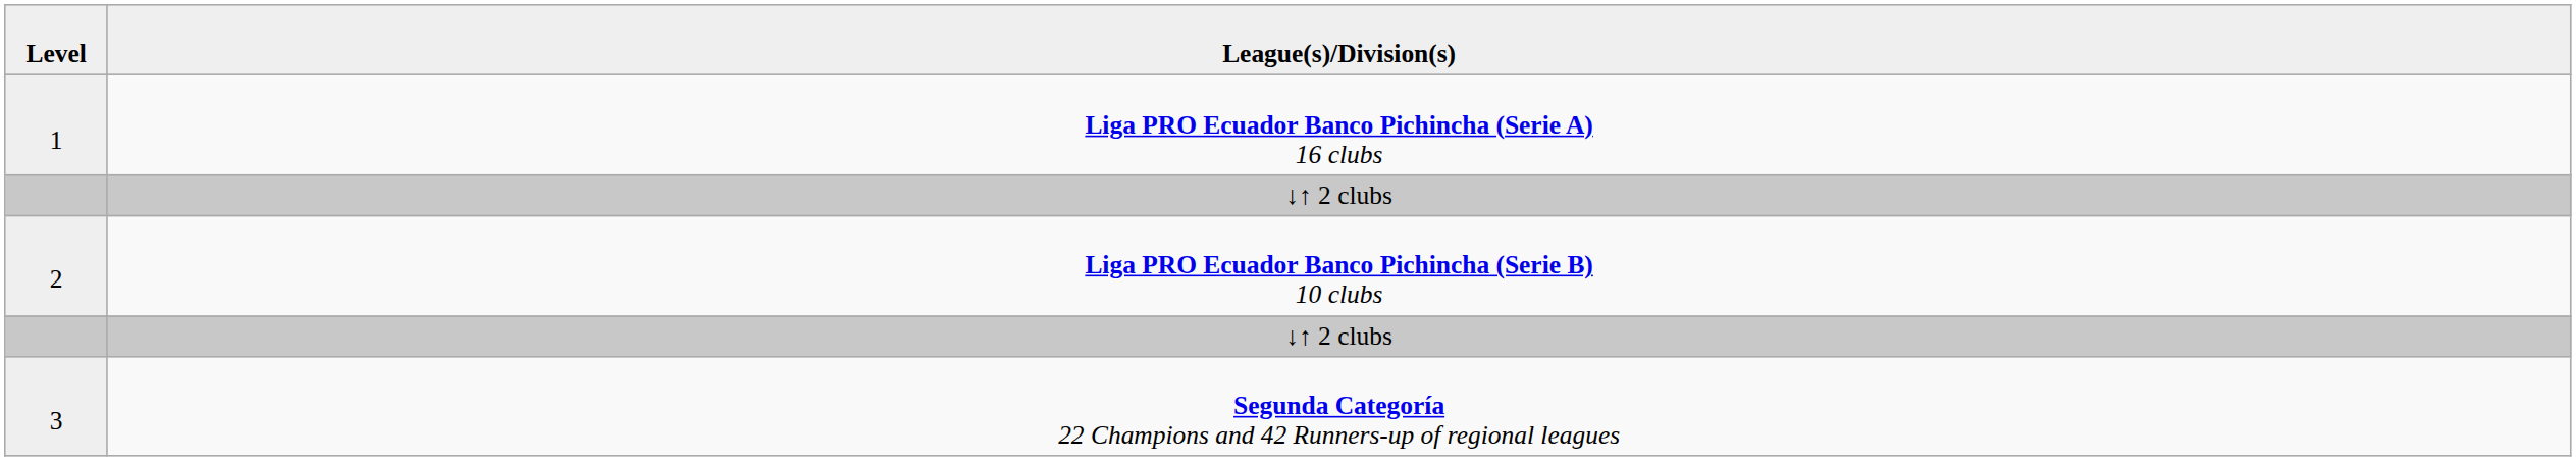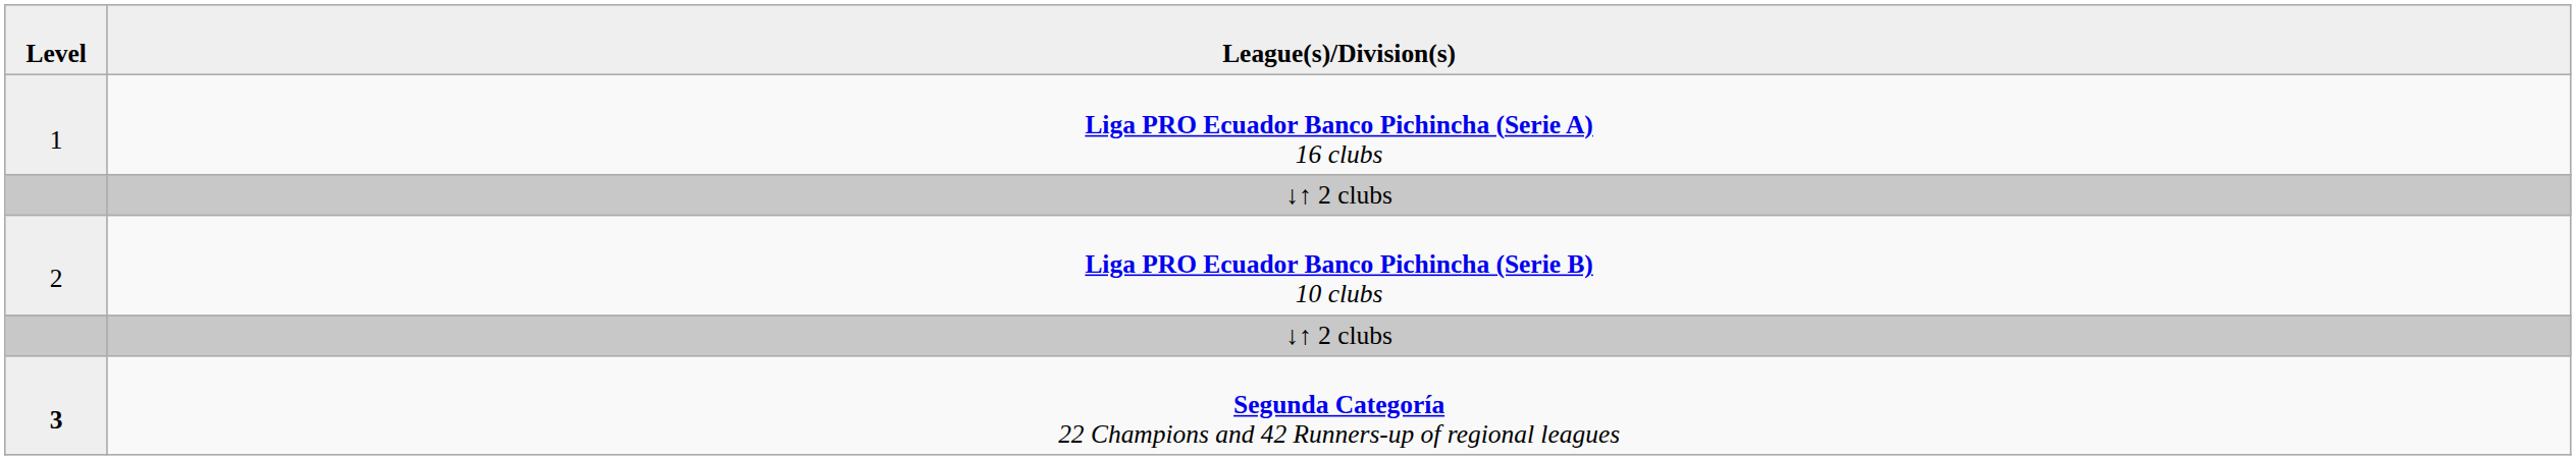 <table class="wikitable" style="text-align:center; width:100%;">
 <tr style="background:#efefef;">
 <td style="width:4%; text-align:center;"><br><strong>Level</strong></td>
 <td colspan="12"  style="width:96%; text-align:center;"><br><strong>League(s)/Division(s)</strong></td>
 </tr>
 <tr>
 <td style="text-align:center; width:4%; background:#efefef;"><br>1</td>
 <td colspan="12"  style="width:96%; text-align:center;"><br><a href='#'><strong>Liga PRO Ecuador Banco Pichincha (Serie A)</strong></a><br> <em>16 clubs</em></td>
 </tr>
 <tr style="background:#c8c8c8">
 <td style="width:4%;"></td>
 <td colspan="9" style="width:96%;">↓↑ 2 clubs</td>
 </tr>
 <tr>
 <td style="text-align:center; width:4%; background:#efefef;"><br>2</td>
 <td colspan="12"  style="width:96%; text-align:center;"><br><strong><a href='#'>Liga PRO Ecuador Banco Pichincha (Serie B)</a></strong><br> <em>10 clubs</em></td>
 </tr>
 <tr style="background:#c8c8c8">
 <td style="width:4%;"></td>
 <td colspan="9" style="width:96%;">↓↑ 2 clubs</td>
 </tr>
 <tr>
-<td style="text-align:center; width:4%; background:#efefef;"><br>3</td>
+<td style="text-align:center; width:4%; background:#efefef;"><strong><br>3</strong></td>
 <td colspan="12"  style="width:96%; text-align:center;"><br><strong><a href='#'>Segunda Categoría</a></strong><br> <em>22 Champions and 42 Runners-up of regional leagues</em></td>
 </tr>
 </table>
